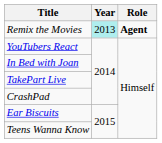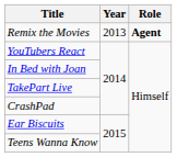 <table class="wikitable">
 <tr>
 <th>Title</th>
 <th>Year</th>
 <th>Role</th>
 </tr>
 <tr>
 <td><em>Remix the Movies</em></td>
-<td style="background: paleturquoise;">2013</td>
+<td>2013</td>
 <td><strong>Agent</strong></td>
 </tr>
 <tr>
 <td><em><a href='#'>YouTubers React</a></em></td>
 <td rowspan="4">2014</td>
 <td rowspan="6">Himself</td>
 </tr>
 <tr>
 <td><em><a href='#'>In Bed with Joan</a></em></td>
 </tr>
 <tr>
 <td><em><a href='#'>TakePart Live</a></em></td>
 </tr>
 <tr>
 <td><em>CrashPad</em></td>
 </tr>
 <tr>
 <td><em><a href='#'>Ear Biscuits</a></em></td>
 <td rowspan="2">2015</td>
 </tr>
 <tr>
 <td><em>Teens Wanna Know</em></td>
 </tr>
 </table>
